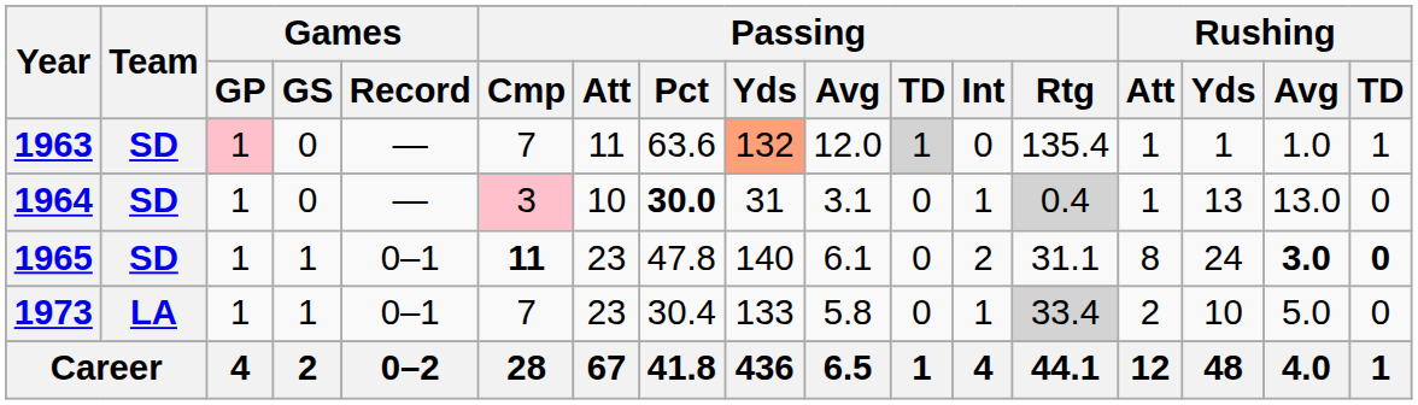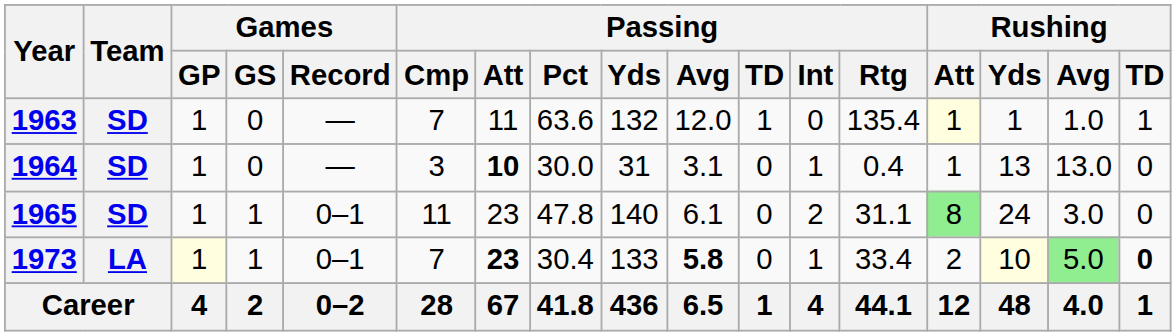 <table class="wikitable" style="text-align:center;">
 <tr>
 <th rowspan="2">Year</th>
 <th rowspan="2">Team</th>
 <th colspan="3">Games</th>
 <th colspan="8">Passing</th>
 <th colspan="4">Rushing</th>
 </tr>
 <tr>
 <th>GP</th>
 <th>GS</th>
 <th>Record</th>
 <th>Cmp</th>
 <th>Att</th>
 <th>Pct</th>
 <th>Yds</th>
 <th>Avg</th>
 <th>TD</th>
 <th>Int</th>
 <th>Rtg</th>
 <th>Att</th>
 <th>Yds</th>
 <th>Avg</th>
 <th>TD</th>
 </tr>
 <tr>
 <th><a href='#'>1963</a></th>
 <th><a href='#'>SD</a></th>
-<td style="background: pink;">1</td>
+<td>1</td>
 <td>0</td>
 <td>—</td>
 <td>7</td>
 <td>11</td>
 <td>63.6</td>
-<td style="background: lightsalmon;">132</td>
+<td>132</td>
 <td>12.0</td>
-<td style="background: lightgrey;">1</td>
+<td>1</td>
 <td>0</td>
 <td>135.4</td>
-<td>1</td>
+<td style="background: lightyellow;">1</td>
 <td>1</td>
 <td>1.0</td>
 <td>1</td>
 </tr>
 <tr>
 <th><a href='#'>1964</a></th>
 <th><a href='#'>SD</a></th>
 <td>1</td>
 <td>0</td>
 <td>—</td>
-<td style="background: pink;">3</td>
-<td>10</td>
-<td><strong>30.0</strong></td>
+<td>3</td>
+<td><strong>10</strong></td>
+<td>30.0</td>
 <td>31</td>
 <td>3.1</td>
 <td>0</td>
 <td>1</td>
-<td style="background: lightgrey;">0.4</td>
+<td>0.4</td>
 <td>1</td>
 <td>13</td>
 <td>13.0</td>
 <td>0</td>
 </tr>
 <tr>
 <th><a href='#'>1965</a></th>
 <th><a href='#'>SD</a></th>
 <td>1</td>
 <td>1</td>
 <td>0–1</td>
-<td><strong>11</strong></td>
+<td>11</td>
 <td>23</td>
 <td>47.8</td>
 <td>140</td>
 <td>6.1</td>
 <td>0</td>
 <td>2</td>
 <td>31.1</td>
-<td>8</td>
+<td style="background: lightgreen;">8</td>
 <td>24</td>
-<td><strong>3.0</strong></td>
-<td><strong>0</strong></td>
+<td>3.0</td>
+<td>0</td>
 </tr>
 <tr>
 <th><a href='#'>1973</a></th>
 <th><a href='#'>LA</a></th>
-<td>1</td>
+<td style="background: lightyellow;">1</td>
 <td>1</td>
 <td>0–1</td>
 <td>7</td>
-<td>23</td>
+<td><strong>23</strong></td>
 <td>30.4</td>
 <td>133</td>
-<td>5.8</td>
+<td><strong>5.8</strong></td>
 <td>0</td>
 <td>1</td>
-<td style="background: lightgrey;">33.4</td>
+<td>33.4</td>
 <td>2</td>
-<td>10</td>
-<td>5.0</td>
-<td>0</td>
+<td style="background: lightyellow;">10</td>
+<td style="background: lightgreen;">5.0</td>
+<td><strong>0</strong></td>
 </tr>
 <tr>
 <th colspan="2">Career</th>
 <th>4</th>
 <th>2</th>
 <th>0–2</th>
 <th>28</th>
 <th>67</th>
 <th>41.8</th>
 <th>436</th>
 <th>6.5</th>
 <th>1</th>
 <th>4</th>
 <th>44.1</th>
 <th>12</th>
 <th>48</th>
 <th>4.0</th>
 <th>1</th>
 </tr>
 </table>
